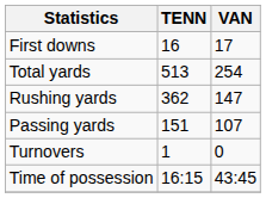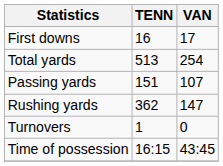 <table class="wikitable">
 <tr>
 <th>Statistics</th>
 <th>TENN</th>
 <th>VAN</th>
 </tr>
 <tr>
 <td>First downs</td>
 <td>16</td>
 <td>17</td>
 </tr>
 <tr>
 <td>Total yards</td>
 <td>513</td>
 <td>254</td>
 </tr>
 <tr>
+<td>Passing yards</td>
+<td>151</td>
+<td>107</td>
+</tr>
+<tr>
 <td>Rushing yards</td>
 <td>362</td>
 <td>147</td>
-</tr>
-<tr>
-<td>Passing yards</td>
-<td>151</td>
-<td>107</td>
 </tr>
 <tr>
 <td>Turnovers</td>
 <td>1</td>
 <td>0</td>
 </tr>
 <tr>
 <td>Time of possession</td>
 <td>16:15</td>
 <td>43:45</td>
 </tr>
 <tr>
 </tr>
 </table>
